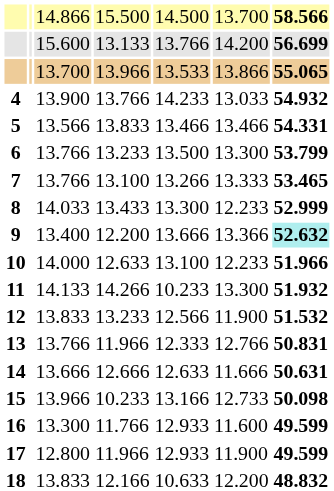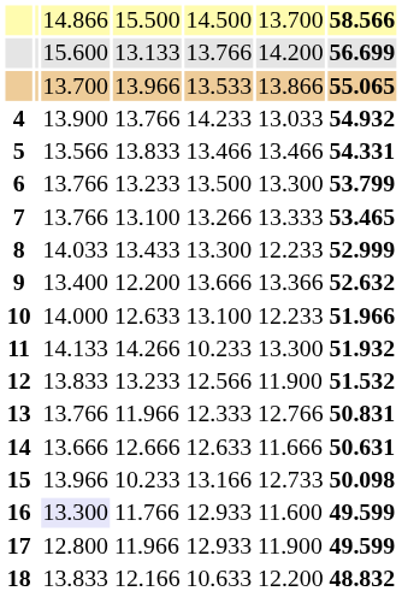 <table>
 <tr style="background:#fffcaf;">
 <th scope=row style="text-align:center"></th>
 <td align=left></td>
 <td>14.866</td>
 <td>15.500</td>
 <td>14.500</td>
 <td>13.700</td>
 <td><strong>58.566</strong></td>
 </tr>
 <tr style="background:#e5e5e5;">
 <th scope=row style="text-align:center"></th>
 <td align=left></td>
 <td>15.600</td>
 <td>13.133</td>
 <td>13.766</td>
 <td>14.200</td>
 <td><strong>56.699</strong></td>
 </tr>
 <tr style="background:#ec9;">
 <th scope=row style="text-align:center"></th>
 <td align=left></td>
 <td>13.700</td>
 <td>13.966</td>
 <td>13.533</td>
 <td>13.866</td>
 <td><strong>55.065</strong></td>
 </tr>
 <tr>
 <th scope=row style="text-align:center">4</th>
 <td align=left></td>
 <td>13.900</td>
 <td>13.766</td>
 <td>14.233</td>
 <td>13.033</td>
 <td><strong>54.932</strong></td>
 </tr>
 <tr>
 <th scope=row style="text-align:center">5</th>
 <td align=left></td>
 <td>13.566</td>
 <td>13.833</td>
 <td>13.466</td>
 <td>13.466</td>
 <td><strong>54.331</strong></td>
 </tr>
 <tr>
 <th scope=row style="text-align:center">6</th>
 <td align=left></td>
 <td>13.766</td>
 <td>13.233</td>
 <td>13.500</td>
 <td>13.300</td>
 <td><strong>53.799</strong></td>
 </tr>
 <tr>
 <th scope=row style="text-align:center">7</th>
 <td align=left></td>
 <td>13.766</td>
 <td>13.100</td>
 <td>13.266</td>
 <td>13.333</td>
 <td><strong>53.465</strong></td>
 </tr>
 <tr>
 <th scope=row style="text-align:center">8</th>
 <td align=left></td>
 <td>14.033</td>
 <td>13.433</td>
 <td>13.300</td>
 <td>12.233</td>
 <td><strong>52.999</strong></td>
 </tr>
 <tr>
 <th scope=row style="text-align:center">9</th>
 <td align=left></td>
 <td>13.400</td>
 <td>12.200</td>
 <td>13.666</td>
 <td>13.366</td>
-<td style="background: paleturquoise;"><strong>52.632</strong></td>
+<td><strong>52.632</strong></td>
 </tr>
 <tr>
 <th scope=row style="text-align:center">10</th>
 <td align=left></td>
 <td>14.000</td>
 <td>12.633</td>
 <td>13.100</td>
 <td>12.233</td>
 <td><strong>51.966</strong></td>
 </tr>
 <tr>
 <th scope=row style="text-align:center">11</th>
 <td align=left></td>
 <td>14.133</td>
 <td>14.266</td>
 <td>10.233</td>
 <td>13.300</td>
 <td><strong>51.932</strong></td>
 </tr>
 <tr>
 <th scope=row style="text-align:center">12</th>
 <td align=left></td>
 <td>13.833</td>
 <td>13.233</td>
 <td>12.566</td>
 <td>11.900</td>
 <td><strong>51.532</strong></td>
 </tr>
 <tr>
 <th scope=row style="text-align:center">13</th>
 <td align=left></td>
 <td>13.766</td>
 <td>11.966</td>
 <td>12.333</td>
 <td>12.766</td>
 <td><strong>50.831</strong></td>
 </tr>
 <tr>
 <th scope=row style="text-align:center">14</th>
 <td align=left></td>
 <td>13.666</td>
 <td>12.666</td>
 <td>12.633</td>
 <td>11.666</td>
 <td><strong>50.631</strong></td>
 </tr>
 <tr>
 <th scope=row style="text-align:center">15</th>
 <td align=left></td>
 <td>13.966</td>
 <td>10.233</td>
 <td>13.166</td>
 <td>12.733</td>
 <td><strong>50.098</strong></td>
 </tr>
 <tr>
 <th scope=row style="text-align:center">16</th>
 <td align=left></td>
-<td>13.300</td>
+<td style="background: lavender;">13.300</td>
 <td>11.766</td>
 <td>12.933</td>
 <td>11.600</td>
 <td><strong>49.599</strong></td>
 </tr>
 <tr>
 <th scope=row style="text-align:center">17</th>
 <td align=left></td>
 <td>12.800</td>
 <td>11.966</td>
 <td>12.933</td>
 <td>11.900</td>
 <td><strong>49.599</strong></td>
 </tr>
 <tr>
 <th scope=row style="text-align:center">18</th>
 <td align=left></td>
 <td>13.833</td>
 <td>12.166</td>
 <td>10.633</td>
 <td>12.200</td>
 <td><strong>48.832</strong></td>
 </tr>
 </table>
